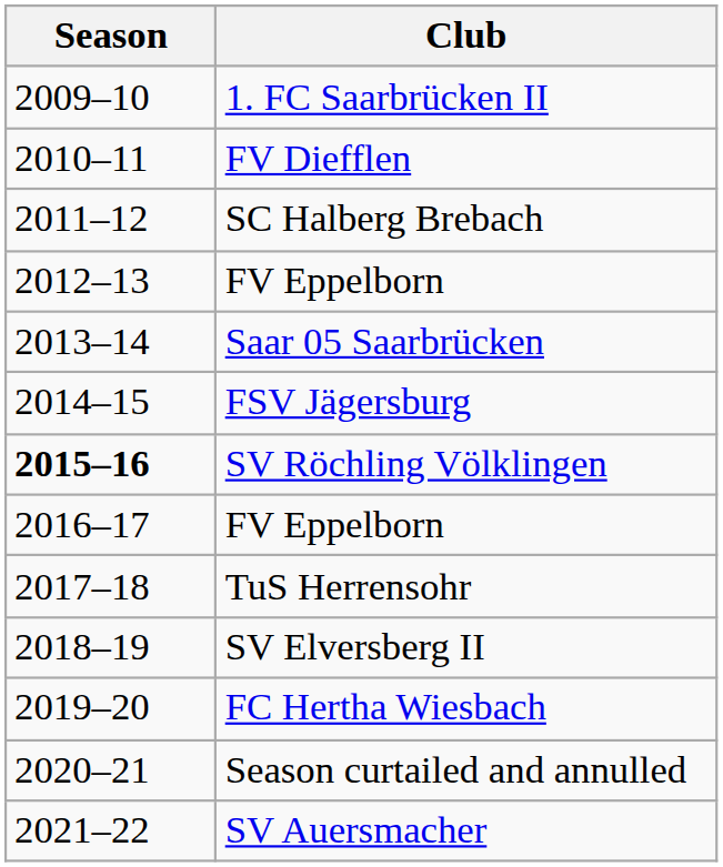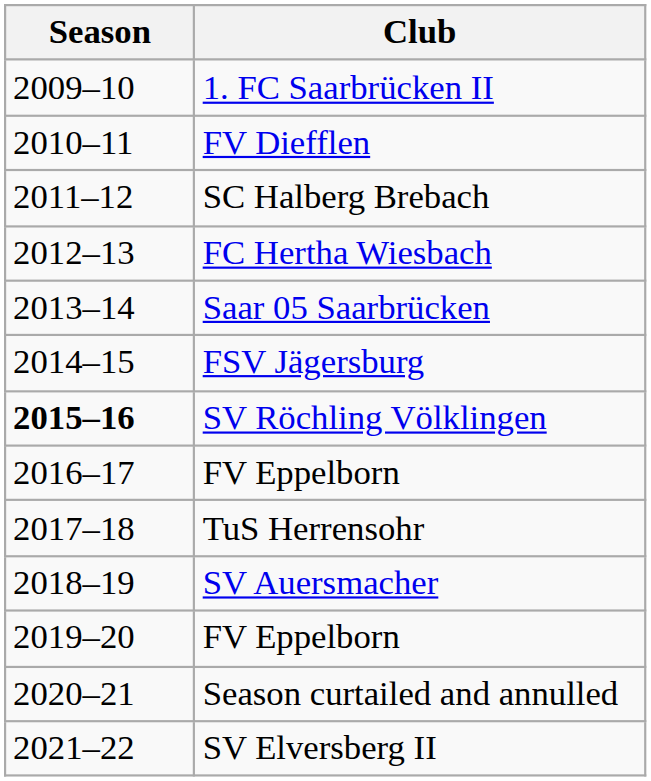 <table class="wikitable">
 <tr align="center" bgcolor="#dfdfdf">
 <th width="80">Season</th>
 <th width="200">Club</th>
 </tr>
 <tr>
 <td>2009–10</td>
 <td><a href='#'>1. FC Saarbrücken II</a></td>
 </tr>
 <tr>
 <td>2010–11</td>
 <td><a href='#'>FV Diefflen</a></td>
 </tr>
 <tr>
 <td>2011–12</td>
 <td>SC Halberg Brebach</td>
 </tr>
 <tr>
 <td>2012–13</td>
-<td>FV Eppelborn</td>
+<td><a href='#'>FC Hertha Wiesbach</a></td>
 </tr>
 <tr>
 <td>2013–14</td>
 <td><a href='#'>Saar 05 Saarbrücken</a></td>
 </tr>
 <tr>
 <td>2014–15</td>
 <td><a href='#'>FSV Jägersburg</a></td>
 </tr>
 <tr>
 <td><strong>2015–16</strong></td>
 <td><a href='#'>SV Röchling Völklingen</a></td>
 </tr>
 <tr>
 <td>2016–17</td>
 <td>FV Eppelborn</td>
 </tr>
 <tr>
 <td>2017–18</td>
 <td>TuS Herrensohr</td>
 </tr>
 <tr>
 <td>2018–19</td>
-<td>SV Elversberg II</td>
+<td><a href='#'>SV Auersmacher</a></td>
 </tr>
 <tr>
 <td>2019–20</td>
-<td><a href='#'>FC Hertha Wiesbach</a></td>
+<td>FV Eppelborn</td>
 </tr>
 <tr>
 <td>2020–21</td>
 <td>Season curtailed and annulled</td>
 </tr>
 <tr>
 <td>2021–22</td>
-<td><a href='#'>SV Auersmacher</a></td>
+<td>SV Elversberg II</td>
 </tr>
 </table>
